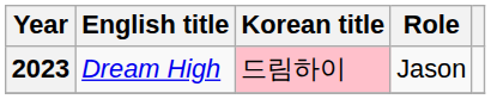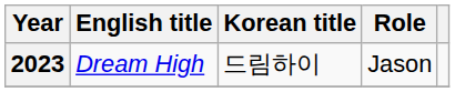 <table class="wikitable sortable plainrowheaders">
 <tr>
 <th scope="col">Year</th>
 <th scope="col">English title</th>
 <th scope="col">Korean title</th>
 <th scope="col">Role</th>
 <th scope="col" class="unsortable"></th>
 </tr>
 <tr>
 <th scope="row">2023</th>
 <td><em><a href='#'>Dream High</a></em></td>
-<td style="background: pink;">드림하이</td>
+<td>드림하이</td>
 <td>Jason</td>
 <td></td>
 </tr>
 <tr>
 </tr>
 </table>
